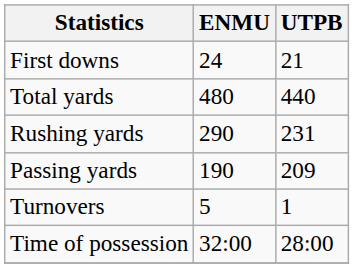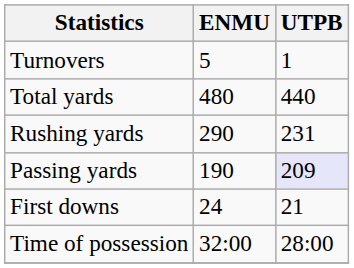 <table class="wikitable" style="float: left;">
 <tr>
 <th>Statistics</th>
 <th>ENMU</th>
 <th>UTPB</th>
 </tr>
 <tr>
-<td>First downs</td>
-<td>24</td>
-<td>21</td>
+<td>Turnovers</td>
+<td>5</td>
+<td>1</td>
 </tr>
 <tr>
 <td>Total yards</td>
 <td>480</td>
 <td>440</td>
 </tr>
 <tr>
 <td>Rushing yards</td>
 <td>290</td>
 <td>231</td>
 </tr>
 <tr>
 <td>Passing yards</td>
 <td>190</td>
-<td>209</td>
+<td style="background: lavender;">209</td>
 </tr>
 <tr>
-<td>Turnovers</td>
-<td>5</td>
-<td>1</td>
+<td>First downs</td>
+<td>24</td>
+<td>21</td>
 </tr>
 <tr>
 <td>Time of possession</td>
 <td>32:00</td>
 <td>28:00</td>
 </tr>
 <tr>
 </tr>
 </table>
